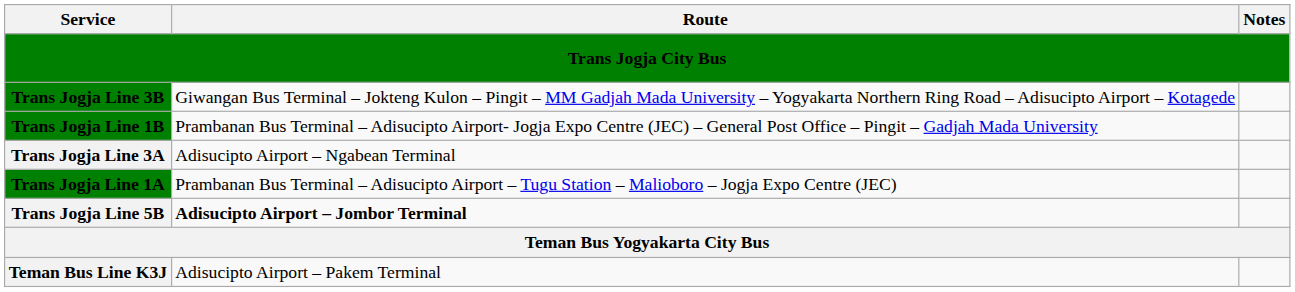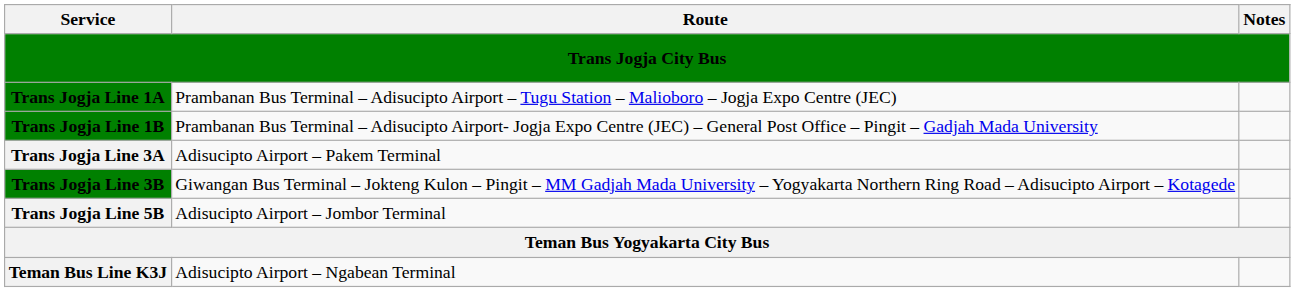 <table class=wikitable style="text-align:left; font-size:95%; border:1px solid black">
 <tr>
 <th>Service</th>
 <th>Route</th>
 <th>Notes</th>
 </tr>
 <tr>
 <th colspan=3 style="background-color:green; color:black; height:35px">Trans Jogja City Bus</th>
 </tr>
 <tr>
-<th style="background-color:green">Trans Jogja Line 3B</th>
-<td>Giwangan Bus Terminal – Jokteng Kulon – Pingit – <a href='#'>MM Gadjah Mada University</a> – Yogyakarta Northern Ring Road – Adisucipto Airport – <a href='#'>Kotagede</a></td>
+<th style="background-color:green">Trans Jogja Line 1A</th>
+<td>Prambanan Bus Terminal – Adisucipto Airport – <a href='#'>Tugu Station</a> – <a href='#'>Malioboro</a> – Jogja Expo Centre (JEC)</td>
 <td></td>
 </tr>
 <tr>
 <th style="background-color:green">Trans Jogja Line 1B</th>
 <td>Prambanan Bus Terminal – Adisucipto Airport- Jogja Expo Centre (JEC) – General Post Office – Pingit – <a href='#'>Gadjah Mada University</a></td>
 <td></td>
 </tr>
 <tr>
 <th>Trans Jogja Line 3A</th>
-<td>Adisucipto Airport – Ngabean Terminal</td>
+<td>Adisucipto Airport – Pakem Terminal</td>
 <td></td>
 </tr>
 <tr>
-<th style="background-color:green">Trans Jogja Line 1A</th>
-<td>Prambanan Bus Terminal – Adisucipto Airport – <a href='#'>Tugu Station</a> – <a href='#'>Malioboro</a> – Jogja Expo Centre (JEC)</td>
+<th style="background-color:green">Trans Jogja Line 3B</th>
+<td>Giwangan Bus Terminal – Jokteng Kulon – Pingit – <a href='#'>MM Gadjah Mada University</a> – Yogyakarta Northern Ring Road – Adisucipto Airport – <a href='#'>Kotagede</a></td>
 <td></td>
 </tr>
 <tr>
 <th>Trans Jogja Line 5B</th>
-<td><strong>Adisucipto Airport – Jombor Terminal</strong></td>
+<td>Adisucipto Airport – Jombor Terminal</td>
 <td></td>
 </tr>
 <tr>
 <th colspan="3">Teman Bus Yogyakarta City Bus</th>
 </tr>
 <tr>
 <th>Teman Bus Line K3J</th>
-<td>Adisucipto Airport – Pakem Terminal</td>
+<td>Adisucipto Airport – Ngabean Terminal</td>
 <td></td>
 </tr>
 </table>
